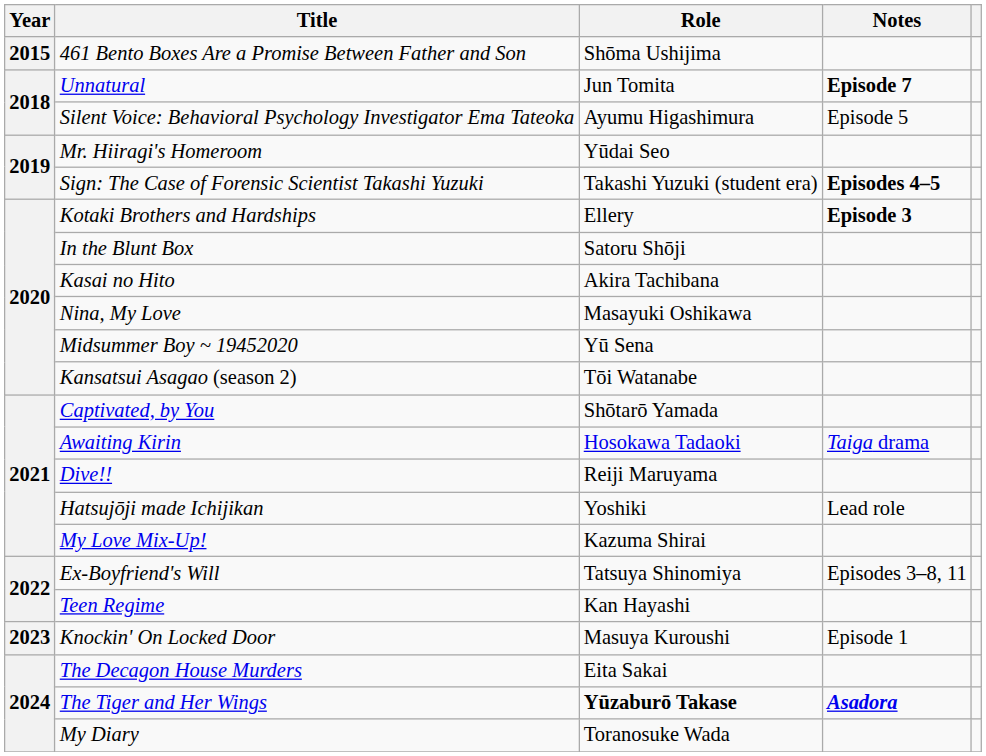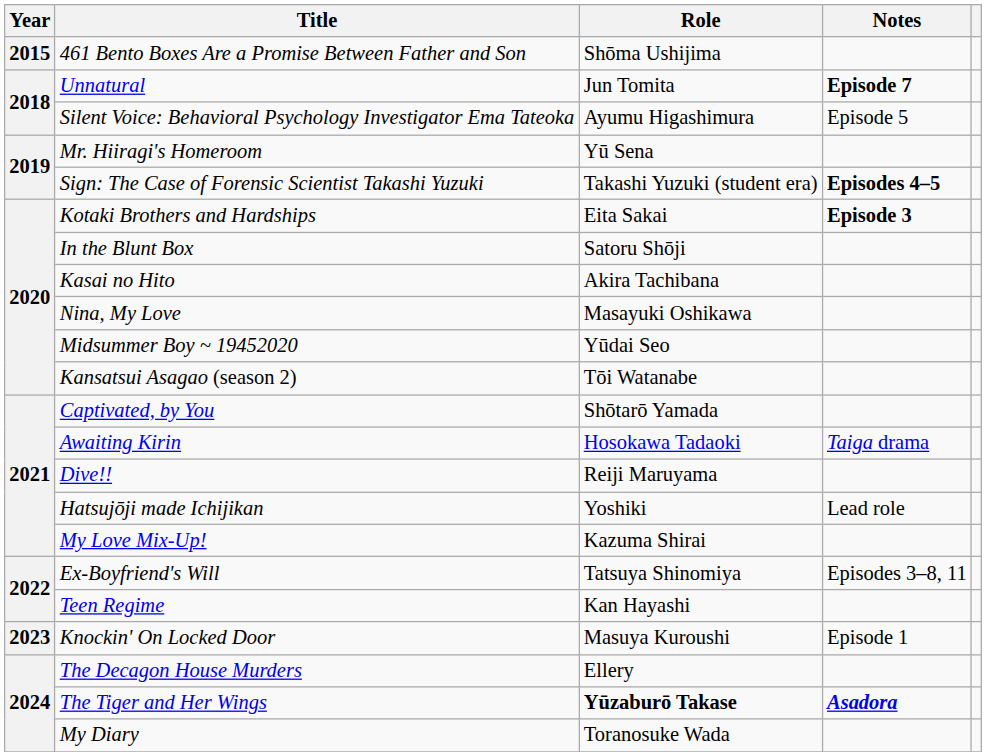 <table class="wikitable plainrowheaders sortable"  style=font-size:100%>
 <tr>
 <th scope="col">Year</th>
 <th scope="col">Title</th>
 <th scope="col">Role</th>
 <th scope="col" class="unsortable">Notes</th>
 <th scope="col" class="unsortable"></th>
 </tr>
 <tr>
 <th scope="row">2015</th>
 <td><em>461 Bento Boxes Are a Promise Between Father and Son</em></td>
 <td>Shōma Ushijima</td>
 <td></td>
 <td style="text-align:center;"></td>
 </tr>
 <tr>
 <th rowspan="2" scope="row">2018</th>
 <td><em><a href='#'>Unnatural</a></em></td>
 <td>Jun Tomita</td>
 <td><strong>Episode 7</strong></td>
 <td style="text-align:center;"></td>
 </tr>
 <tr>
 <td><em>Silent Voice: Behavioral Psychology Investigator Ema Tateoka</em></td>
 <td>Ayumu Higashimura</td>
 <td>Episode 5</td>
 <td style="text-align:center;"></td>
 </tr>
 <tr>
 <th rowspan="2" scope="row">2019</th>
 <td><em>Mr. Hiiragi's Homeroom</em></td>
-<td>Yūdai Seo</td>
+<td>Yū Sena</td>
 <td></td>
 <td style="text-align:center;"></td>
 </tr>
 <tr>
 <td><em>Sign: The Case of Forensic Scientist Takashi Yuzuki</em></td>
 <td>Takashi Yuzuki (student era)</td>
 <td><strong>Episodes 4–5</strong></td>
 <td style="text-align:center;"></td>
 </tr>
 <tr>
 <th rowspan="6" scope="row">2020</th>
 <td><em>Kotaki Brothers and Hardships</em></td>
-<td>Ellery</td>
+<td>Eita Sakai</td>
 <td><strong>Episode 3</strong></td>
 <td style="text-align:center;"></td>
 </tr>
 <tr>
 <td><em>In the Blunt Box</em></td>
 <td>Satoru Shōji</td>
 <td></td>
 <td style="text-align:center;"></td>
 </tr>
 <tr>
 <td><em>Kasai no Hito</em></td>
 <td>Akira Tachibana</td>
 <td></td>
 <td style="text-align:center;"></td>
 </tr>
 <tr>
 <td><em>Nina, My Love</em></td>
 <td>Masayuki Oshikawa</td>
 <td></td>
 <td style="text-align:center;"></td>
 </tr>
 <tr>
 <td><em>Midsummer Boy ~ 19452020</em></td>
-<td>Yū Sena</td>
+<td>Yūdai Seo</td>
 <td></td>
 <td style="text-align:center;"></td>
 </tr>
 <tr>
 <td><em>Kansatsui Asagao</em> (season 2)</td>
 <td>Tōi Watanabe</td>
 <td></td>
 <td style="text-align:center;"></td>
 </tr>
 <tr>
 <th rowspan="5" scope="row">2021</th>
 <td><em><a href='#'>Captivated, by You</a></em></td>
 <td>Shōtarō Yamada</td>
 <td></td>
 <td style="text-align:center;"></td>
 </tr>
 <tr>
 <td><em><a href='#'>Awaiting Kirin</a></em></td>
 <td><a href='#'>Hosokawa Tadaoki</a></td>
 <td><a href='#'><em>Taiga</em> drama</a></td>
 <td style="text-align:center;"></td>
 </tr>
 <tr>
 <td><em><a href='#'>Dive!!</a></em></td>
 <td>Reiji Maruyama</td>
 <td></td>
 <td style="text-align:center;"></td>
 </tr>
 <tr>
 <td><em>Hatsujōji made Ichijikan</em></td>
 <td>Yoshiki</td>
 <td>Lead role</td>
 <td style="text-align:center;"></td>
 </tr>
 <tr>
 <td><em><a href='#'>My Love Mix-Up!</a></em></td>
 <td>Kazuma Shirai</td>
 <td></td>
 <td style="text-align:center;"></td>
 </tr>
 <tr>
 <th rowspan="2" scope="row">2022</th>
 <td><em>Ex-Boyfriend's Will</em></td>
 <td>Tatsuya Shinomiya</td>
 <td>Episodes 3–8, 11</td>
 <td style="text-align:center;"></td>
 </tr>
 <tr>
 <td><em><a href='#'>Teen Regime</a></em></td>
 <td>Kan Hayashi</td>
 <td></td>
 <td style="text-align:center;"></td>
 </tr>
 <tr>
 <th scope="row">2023</th>
 <td><em>Knockin' On Locked Door</em></td>
 <td>Masuya Kuroushi</td>
 <td>Episode 1</td>
 <td style="text-align:center;"></td>
 </tr>
 <tr>
 <th rowspan="3" scope="row">2024</th>
 <td><em><a href='#'>The Decagon House Murders</a></em></td>
-<td>Eita Sakai</td>
+<td>Ellery</td>
 <td></td>
 <td style="text-align:center;"></td>
 </tr>
 <tr>
 <td><em><a href='#'>The Tiger and Her Wings</a></em></td>
 <td><strong>Yūzaburō Takase</strong></td>
 <td><strong><em><a href='#'>Asadora</a></em></strong></td>
 <td style="text-align:center;"></td>
 </tr>
 <tr>
 <td><em>My Diary</em></td>
 <td>Toranosuke Wada</td>
 <td></td>
 <td style="text-align:center;"></td>
 </tr>
 <tr>
 </tr>
 </table>
